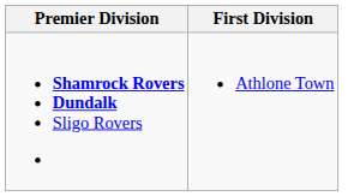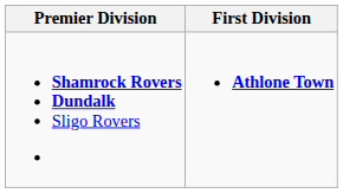 <table class="wikitable">
 <tr>
 <th>Premier Division</th>
 <th>First Division</th>
 </tr>
 <tr>
 <td valign="top"><br><ul><li><strong><a href='#'>Shamrock Rovers</a></strong></li><li><strong><a href='#'>Dundalk</a></strong></li><li><a href='#'>Sligo Rovers</a></li></ul><ul><li></li></ul></td>
-<td valign="top"><br><ul><li><a href='#'>Athlone Town</a></li></ul></td>
+<td valign="top"><strong><br><ul><li><a href='#'>Athlone Town</a></li></ul></strong></td>
 </tr>
 </table>
